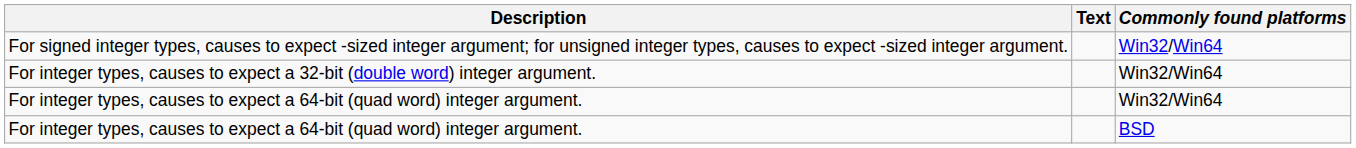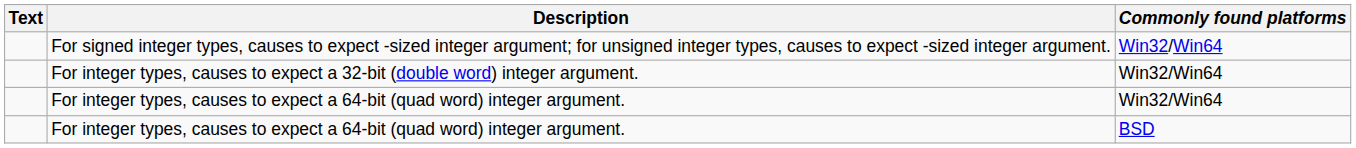 <table class="wikitable col1center">
 <tr>
+<th>Text</th>
 <th>Description</th>
-<th>Text</th>
 <th><em>Commonly found platforms</em></th>
 </tr>
 <tr>
+<td></td>
 <td>For signed integer types, causes  to expect -sized integer argument; for unsigned integer types, causes  to expect -sized integer argument.</td>
-<td></td>
 <td><a href='#'>Win32</a>/<a href='#'>Win64</a></td>
 </tr>
 <tr>
+<td></td>
 <td>For integer types, causes  to expect a 32-bit (<a href='#'>double word</a>) integer argument.</td>
-<td></td>
 <td>Win32/Win64</td>
 </tr>
 <tr>
+<td></td>
 <td>For integer types, causes  to expect a 64-bit (quad word) integer argument.</td>
-<td></td>
 <td>Win32/Win64</td>
 </tr>
 <tr>
+<td></td>
 <td>For integer types, causes  to expect a 64-bit (quad word) integer argument.</td>
-<td></td>
 <td><a href='#'>BSD</a></td>
 </tr>
 </table>
